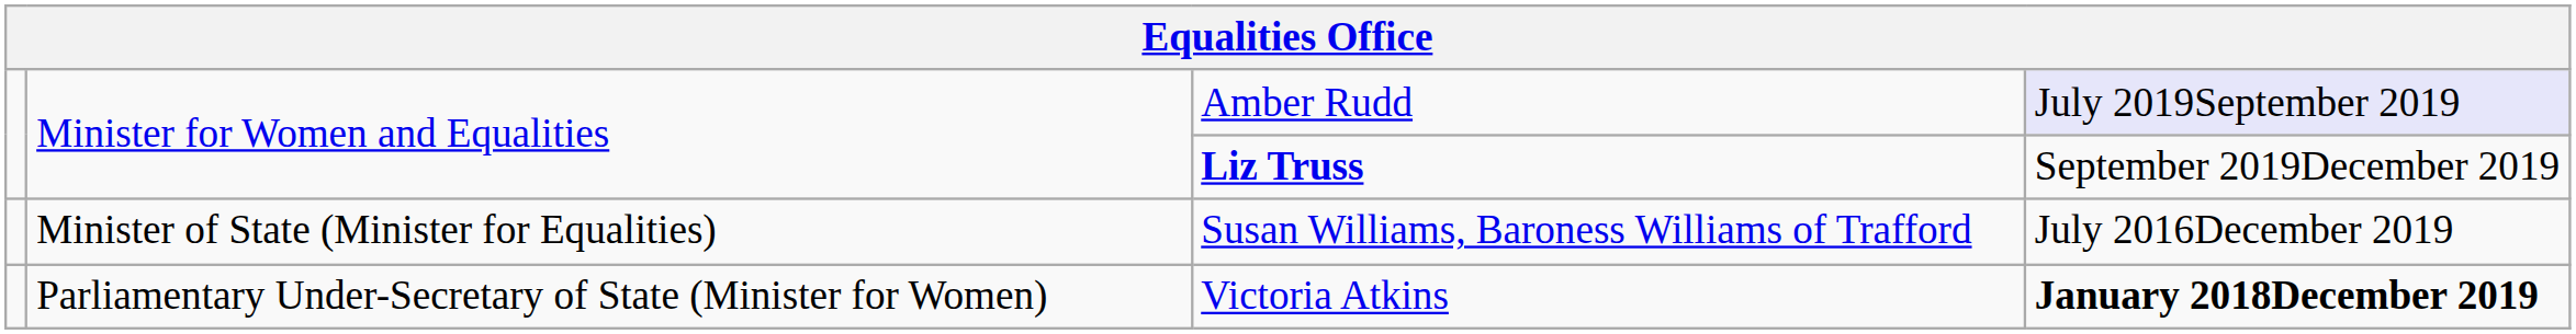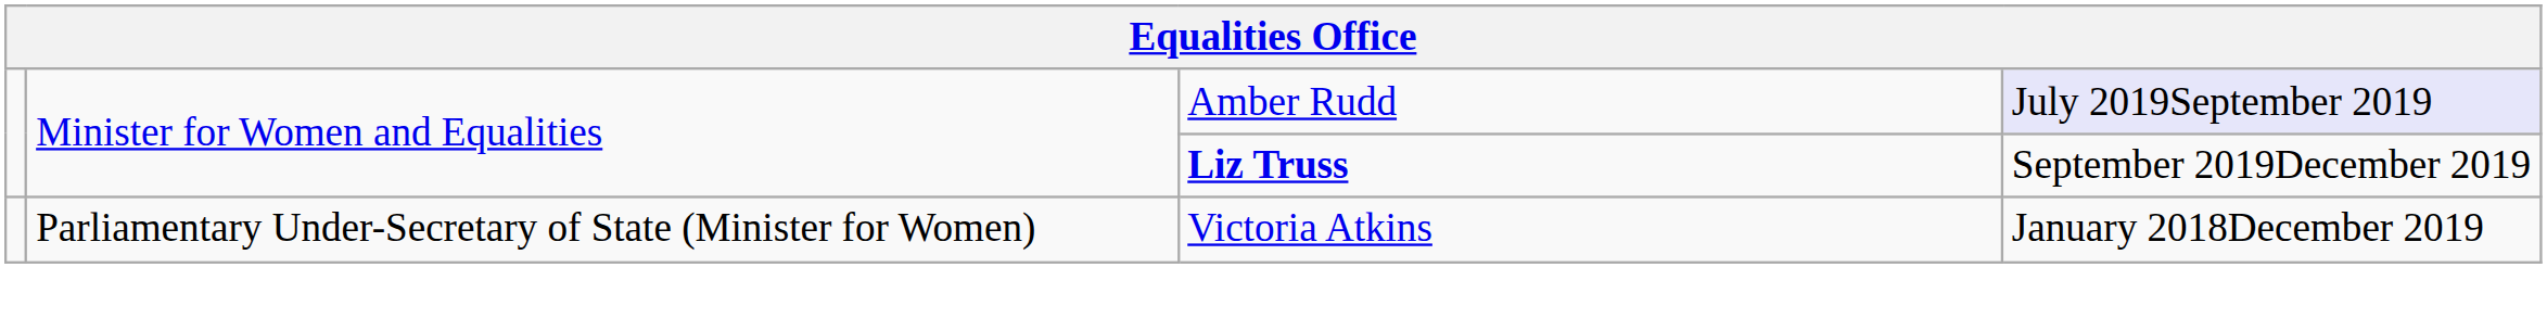 <table class="wikitable">
 <tr>
 <th colspan="4"><a href='#'>Equalities Office</a></th>
 </tr>
 <tr>
 <td rowspan=2 style="width: 1px; background: "></td>
 <td rowspan=2 style="width: 450px;"><a href='#'>Minister for Women and Equalities</a></td>
 <td style="width: 320px;"><a href='#'>Amber Rudd</a><br></td>
 <td style="background: lavender;">July 2019September 2019</td>
 </tr>
 <tr>
 <td><strong><a href='#'>Liz Truss</a></strong><br></td>
 <td>September 2019December 2019</td>
 </tr>
 <tr>
 <td style="width: 1px; background: "></td>
-<td>Minister of State (Minister for Equalities)</td>
-<td><a href='#'>Susan Williams, Baroness Williams of Trafford</a><br></td>
-<td>July 2016December 2019</td>
-</tr>
-<tr>
-<td style="width: 1px; background: "></td>
 <td>Parliamentary Under-Secretary of State (Minister for Women)</td>
 <td><a href='#'>Victoria Atkins</a><br></td>
-<td><strong>January 2018December 2019</strong></td>
+<td>January 2018December 2019</td>
 </tr>
 </table>
